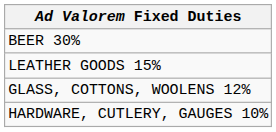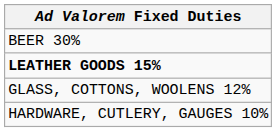 <table class="wikitable">
 <tr>
 <th><strong><em>Ad Valorem</em></strong> <strong>Fixed Duties</strong></th>
 </tr>
 <tr>
 <td>BEER 30%</td>
 </tr>
 <tr>
-<td>LEATHER GOODS 15%</td>
+<td><strong>LEATHER GOODS 15%</strong></td>
 </tr>
 <tr>
 <td>GLASS, COTTONS, WOOLENS 12%</td>
 </tr>
 <tr>
 <td>HARDWARE, CUTLERY, GAUGES 10%</td>
 </tr>
 </table>
